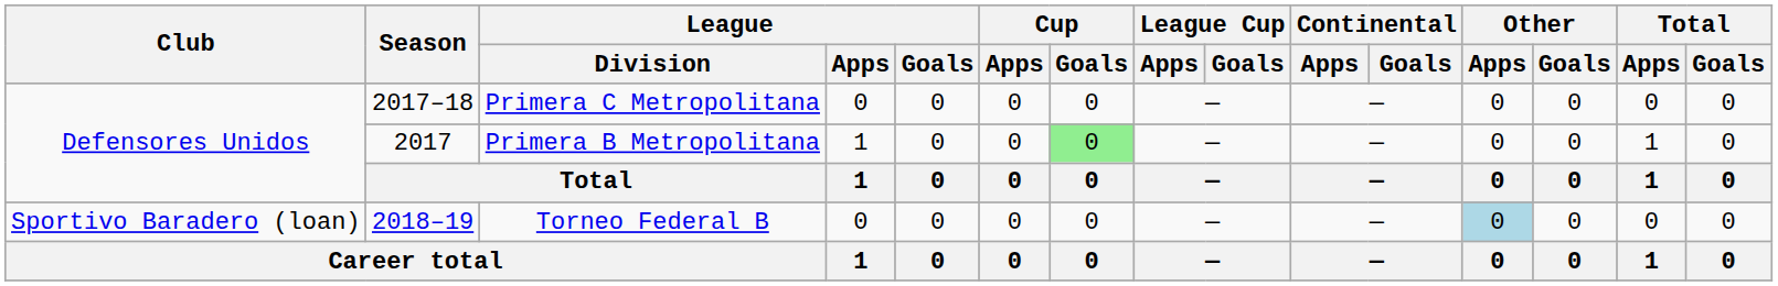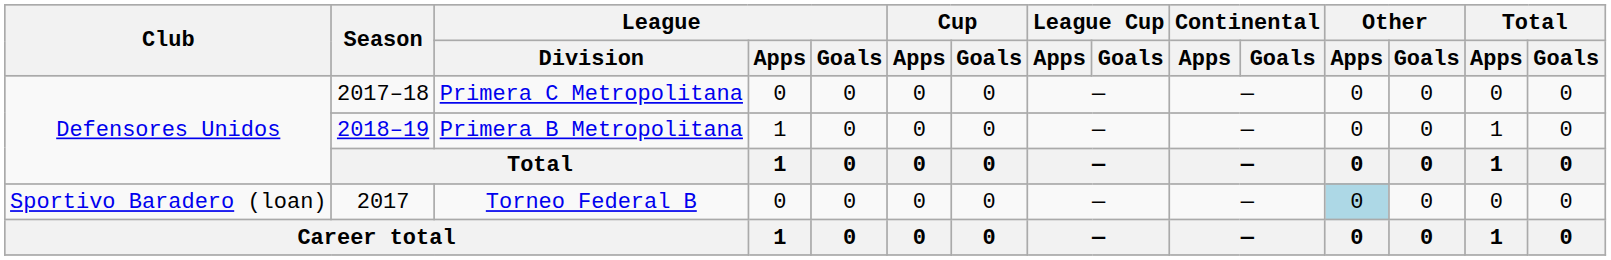 <table class="wikitable" style="text-align:center">
 <tr>
 <th rowspan="2">Club</th>
 <th rowspan="2">Season</th>
 <th colspan="3">League</th>
 <th colspan="2">Cup</th>
 <th colspan="2">League Cup</th>
 <th colspan="2">Continental</th>
 <th colspan="2">Other</th>
 <th colspan="2">Total</th>
 </tr>
 <tr>
 <th>Division</th>
 <th>Apps</th>
 <th>Goals</th>
 <th>Apps</th>
 <th>Goals</th>
 <th>Apps</th>
 <th>Goals</th>
 <th>Apps</th>
 <th>Goals</th>
 <th>Apps</th>
 <th>Goals</th>
 <th>Apps</th>
 <th>Goals</th>
 </tr>
 <tr>
 <td rowspan="3"><a href='#'>Defensores Unidos</a></td>
 <td>2017–18</td>
 <td rowspan="1"><a href='#'>Primera C Metropolitana</a></td>
 <td>0</td>
 <td>0</td>
 <td>0</td>
 <td>0</td>
 <td colspan="2">—</td>
 <td colspan="2">—</td>
 <td>0</td>
 <td>0</td>
 <td>0</td>
 <td>0</td>
 </tr>
 <tr>
-<td>2017</td>
+<td><a href='#'>2018–19</a></td>
 <td rowspan="1"><a href='#'>Primera B Metropolitana</a></td>
 <td>1</td>
 <td>0</td>
 <td>0</td>
-<td style="background: lightgreen;">0</td>
+<td>0</td>
 <td colspan="2">—</td>
 <td colspan="2">—</td>
 <td>0</td>
 <td>0</td>
 <td>1</td>
 <td>0</td>
 </tr>
 <tr>
 <th colspan="2">Total</th>
 <th>1</th>
 <th>0</th>
 <th>0</th>
 <th>0</th>
 <th colspan="2">—</th>
 <th colspan="2">—</th>
 <th>0</th>
 <th>0</th>
 <th>1</th>
 <th>0</th>
 </tr>
 <tr>
 <td rowspan="1"><a href='#'>Sportivo Baradero</a> (loan)</td>
-<td><a href='#'>2018–19</a></td>
+<td>2017</td>
 <td rowspan="1"><a href='#'>Torneo Federal B</a></td>
 <td>0</td>
 <td>0</td>
 <td>0</td>
 <td>0</td>
 <td colspan="2">—</td>
 <td colspan="2">—</td>
 <td style="background: lightblue;">0</td>
 <td>0</td>
 <td>0</td>
 <td>0</td>
 </tr>
 <tr>
 <th colspan="3">Career total</th>
 <th>1</th>
 <th>0</th>
 <th>0</th>
 <th>0</th>
 <th colspan="2">—</th>
 <th colspan="2">—</th>
 <th>0</th>
 <th>0</th>
 <th>1</th>
 <th>0</th>
 </tr>
 </table>
